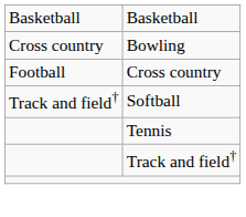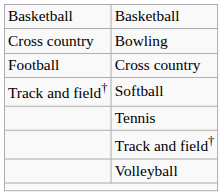 <table class="wikitable">
 <tr>
 </tr>
 <tr>
 <td>Basketball</td>
 <td>Basketball</td>
 </tr>
 <tr>
 <td>Cross country</td>
 <td>Bowling</td>
 </tr>
 <tr>
 <td>Football</td>
 <td>Cross country</td>
 </tr>
 <tr>
 <td>Track and field<sup>†</sup></td>
 <td>Softball</td>
 </tr>
 <tr>
 <td></td>
 <td>Tennis</td>
 </tr>
 <tr>
 <td></td>
 <td>Track and field<sup>†</sup></td>
 </tr>
 <tr>
+<td></td>
+<td>Volleyball</td>
+</tr>
+<tr>
 <td colspan="2"></td>
 </tr>
 </table>
